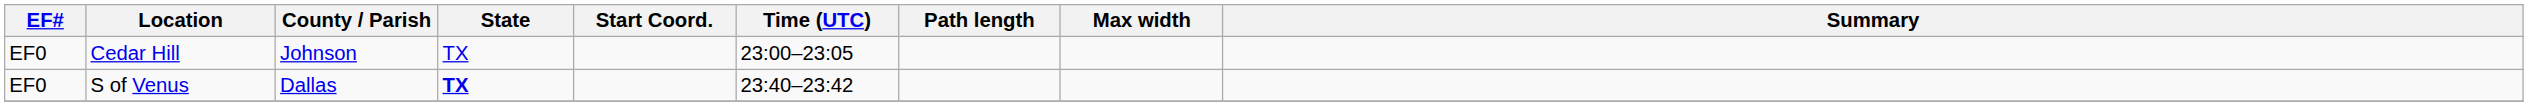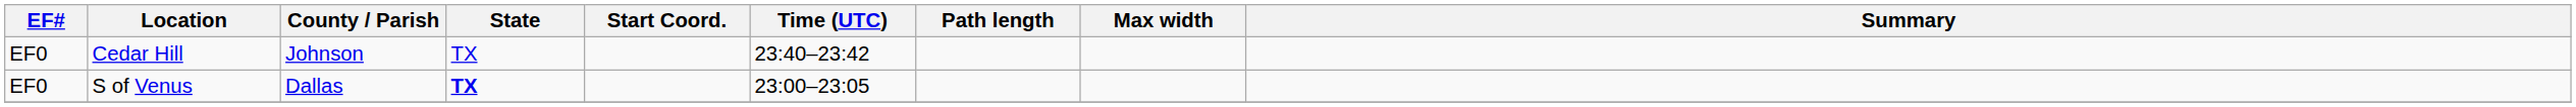 <table class="wikitable sortable" style="width:100%;">
 <tr>
 <th scope="col"  style="width:3%; text-align:center;"><a href='#'>EF#</a></th>
 <th scope="col"  style="width:7%; text-align:center;" class="unsortable">Location</th>
 <th scope="col"  style="width:6%; text-align:center;" class="unsortable">County / Parish</th>
 <th scope="col"  style="width:5%; text-align:center;">State</th>
 <th scope="col"  style="width:6%; text-align:center;">Start Coord.</th>
 <th scope="col"  style="width:6%; text-align:center;">Time (<a href='#'>UTC</a>)</th>
 <th scope="col"  style="width:6%; text-align:center;">Path length</th>
 <th scope="col"  style="width:6%; text-align:center;">Max width</th>
 <th scope="col" class="unsortable" style="width:48%; text-align:center;">Summary</th>
 </tr>
 <tr>
 <td>EF0</td>
 <td><a href='#'>Cedar Hill</a></td>
 <td><a href='#'>Johnson</a></td>
 <td><a href='#'>TX</a></td>
 <td></td>
-<td>23:00–23:05</td>
+<td>23:40–23:42</td>
 <td></td>
 <td></td>
 <td></td>
 </tr>
 <tr>
 <td>EF0</td>
 <td>S of <a href='#'>Venus</a></td>
 <td><a href='#'>Dallas</a></td>
 <td><strong><a href='#'>TX</a></strong></td>
 <td></td>
-<td>23:40–23:42</td>
+<td>23:00–23:05</td>
 <td></td>
 <td></td>
 <td></td>
 </tr>
 <tr>
 </tr>
 </table>
